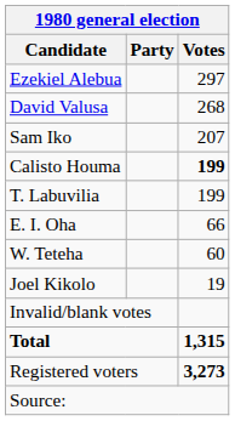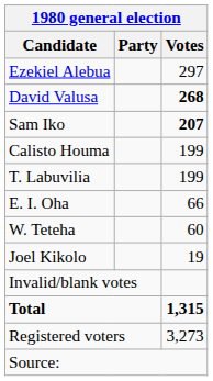 <table class=wikitable style=text-align:left>
 <tr>
 <th colspan=3><a href='#'>1980 general election</a></th>
 </tr>
 <tr>
 <th>Candidate</th>
 <th>Party</th>
 <th>Votes</th>
 </tr>
 <tr>
 <td><a href='#'>Ezekiel Alebua</a></td>
 <td></td>
 <td align=right>297</td>
 </tr>
 <tr>
 <td><a href='#'>David Valusa</a></td>
 <td></td>
-<td align=right>268</td>
+<td align=right><strong>268</strong></td>
 </tr>
 <tr>
 <td>Sam Iko</td>
 <td></td>
-<td align=right>207</td>
+<td align=right><strong>207</strong></td>
 </tr>
 <tr>
 <td>Calisto Houma</td>
 <td></td>
-<td align=right><strong>199</strong></td>
+<td align=right>199</td>
 </tr>
 <tr>
 <td>T. Labuvilia</td>
 <td></td>
 <td align=right>199</td>
 </tr>
 <tr>
 <td>E. I. Oha</td>
 <td></td>
 <td align=right>66</td>
 </tr>
 <tr>
 <td>W. Teteha</td>
 <td></td>
 <td align=right>60</td>
 </tr>
 <tr>
 <td>Joel Kikolo</td>
 <td></td>
 <td align=right>19</td>
 </tr>
 <tr>
 <td colspan=2>Invalid/blank votes</td>
 <td></td>
 </tr>
 <tr>
 <td colspan=2><strong>Total</strong></td>
 <td align=right><strong>1,315</strong></td>
 </tr>
 <tr>
 <td colspan=2>Registered voters</td>
-<td align=right><strong>3,273</strong></td>
+<td align=right>3,273</td>
 </tr>
 <tr>
 <td colspan=3>Source: </td>
 </tr>
 </table>
